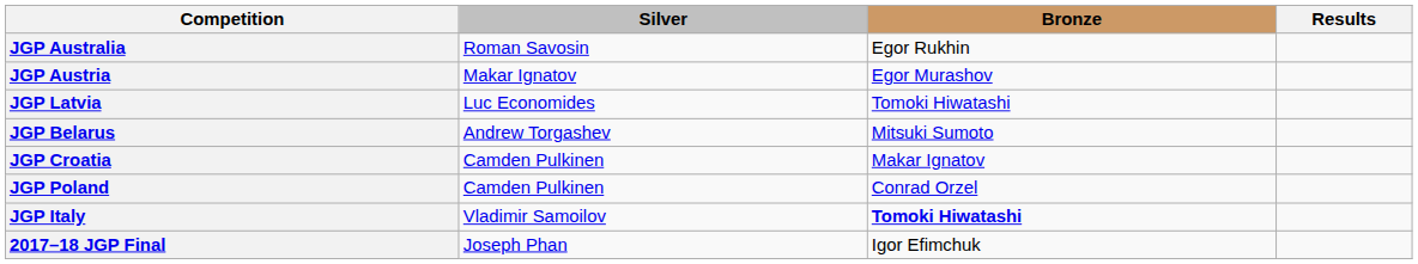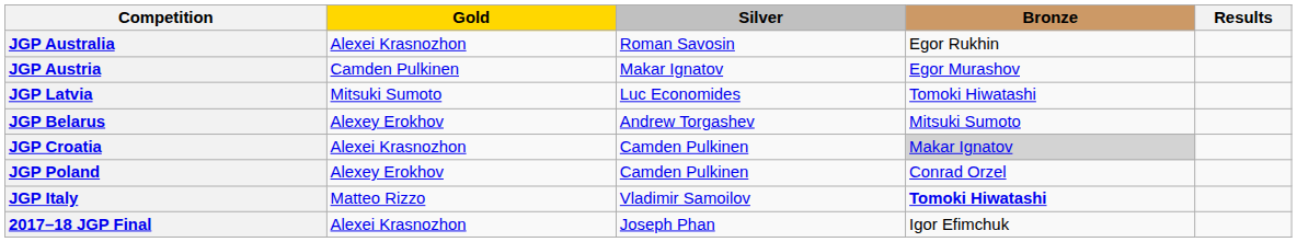 <table class="wikitable unsortable" style="text-align:left; width:100%">
 <tr>
 <th scope="col" style="text-align:center; width:25%;">Competition</th>
+<td scope="col" style="text-align:center; width:22.5%; background:gold"><strong>Gold</strong></td>
 <td scope="col" style="text-align:center; width:22.5%; background:silver"><strong>Silver</strong></td>
 <td scope="col" style="text-align:center; width:22.5%; background:#c96"><strong>Bronze</strong></td>
 <th scope="col" style="text-align:center; width:7.5%;">Results</th>
 </tr>
 <tr>
 <th scope="row" style="text-align:left"> <a href='#'>JGP Australia</a></th>
+<td> <a href='#'>Alexei Krasnozhon</a></td>
 <td> <a href='#'>Roman Savosin</a></td>
 <td> Egor Rukhin</td>
 <td></td>
 </tr>
 <tr>
 <th scope="row" style="text-align:left"> <a href='#'>JGP Austria</a></th>
+<td> <a href='#'>Camden Pulkinen</a></td>
 <td> <a href='#'>Makar Ignatov</a></td>
 <td> <a href='#'>Egor Murashov</a></td>
 <td></td>
 </tr>
 <tr>
 <th scope="row" style="text-align:left"> <a href='#'>JGP Latvia</a></th>
+<td> <a href='#'>Mitsuki Sumoto</a></td>
 <td> <a href='#'>Luc Economides</a></td>
 <td> <a href='#'>Tomoki Hiwatashi</a></td>
 <td></td>
 </tr>
 <tr>
 <th scope="row" style="text-align:left"> <a href='#'>JGP Belarus</a></th>
+<td> <a href='#'>Alexey Erokhov</a></td>
 <td> <a href='#'>Andrew Torgashev</a></td>
 <td> <a href='#'>Mitsuki Sumoto</a></td>
 <td></td>
 </tr>
 <tr>
 <th scope="row" style="text-align:left"> <a href='#'>JGP Croatia</a></th>
+<td> <a href='#'>Alexei Krasnozhon</a></td>
 <td> <a href='#'>Camden Pulkinen</a></td>
-<td> <a href='#'>Makar Ignatov</a></td>
+<td style="background: lightgrey;"> <a href='#'>Makar Ignatov</a></td>
 <td></td>
 </tr>
 <tr>
 <th scope="row" style="text-align:left"> <a href='#'>JGP Poland</a></th>
+<td> <a href='#'>Alexey Erokhov</a></td>
 <td> <a href='#'>Camden Pulkinen</a></td>
 <td> <a href='#'>Conrad Orzel</a></td>
 <td></td>
 </tr>
 <tr>
 <th scope="row" style="text-align:left"> <a href='#'>JGP Italy</a></th>
+<td> <a href='#'>Matteo Rizzo</a></td>
 <td> <a href='#'>Vladimir Samoilov</a></td>
 <td><strong> <a href='#'>Tomoki Hiwatashi</a></strong></td>
 <td></td>
 </tr>
 <tr>
 <th scope="row" style="text-align:left"> <a href='#'>2017–18 JGP Final</a></th>
+<td> <a href='#'>Alexei Krasnozhon</a></td>
 <td> <a href='#'>Joseph Phan</a></td>
 <td> Igor Efimchuk</td>
 <td></td>
 </tr>
 </table>
